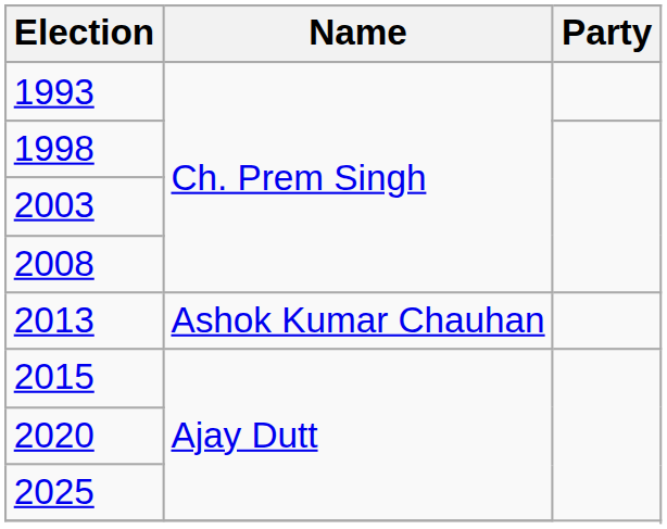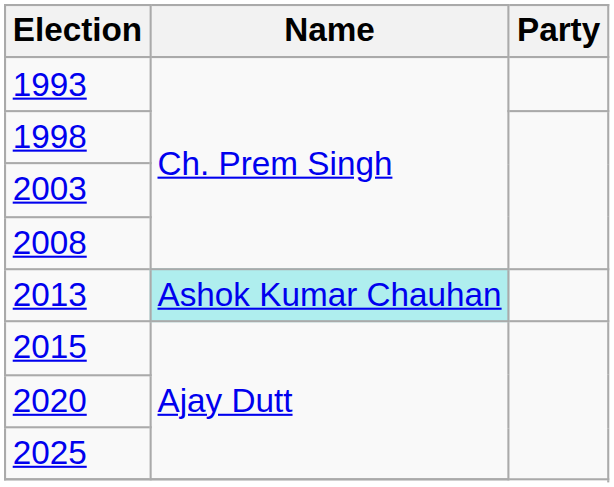 <table class="wikitable sortable">
 <tr>
 <th>Election</th>
 <th>Name</th>
 <th colspan=2>Party</th>
 </tr>
 <tr>
 <td><a href='#'>1993</a></td>
 <td rowspan="4"><a href='#'>Ch. Prem Singh</a></td>
 <td></td>
 </tr>
 <tr>
 <td><a href='#'>1998</a></td>
 </tr>
 <tr>
 <td><a href='#'>2003</a></td>
 </tr>
 <tr>
 <td><a href='#'>2008</a></td>
 </tr>
 <tr>
 <td><a href='#'>2013</a></td>
-<td><a href='#'>Ashok Kumar Chauhan</a></td>
+<td style="background: paleturquoise;"><a href='#'>Ashok Kumar Chauhan</a></td>
 <td></td>
 </tr>
 <tr>
 <td><a href='#'>2015</a></td>
 <td rowspan="3"><a href='#'>Ajay Dutt</a></td>
 </tr>
 <tr>
 <td><a href='#'>2020</a></td>
 </tr>
 <tr>
 <td><a href='#'>2025</a></td>
 </tr>
 <tr>
 </tr>
 </table>
